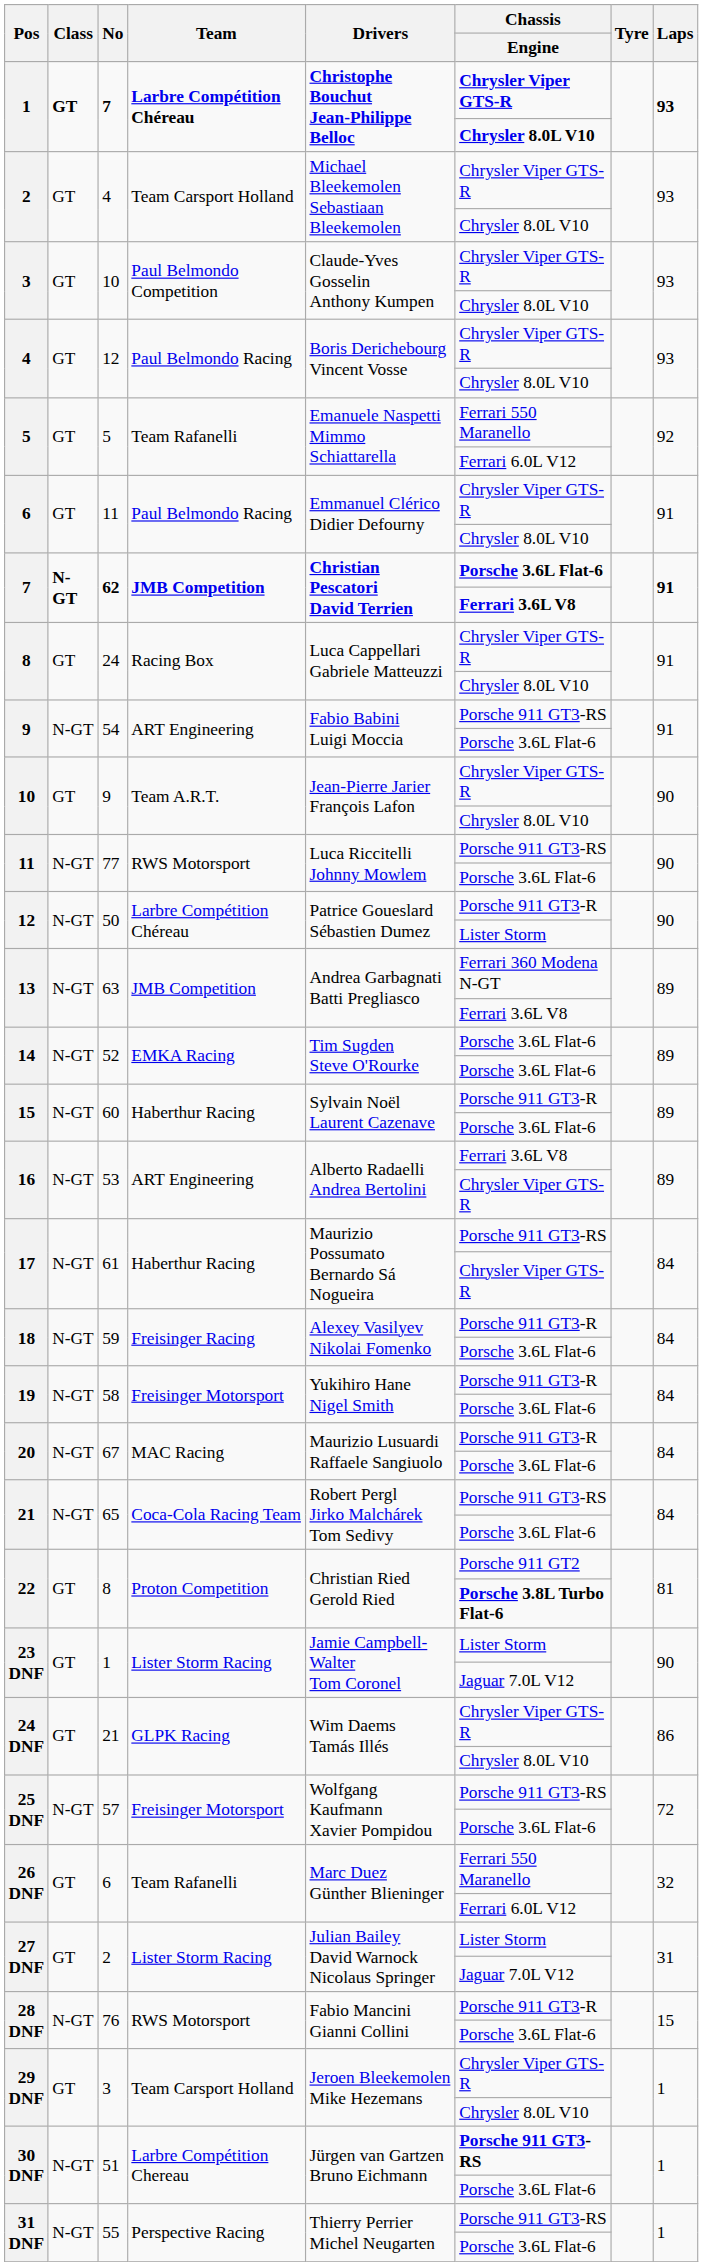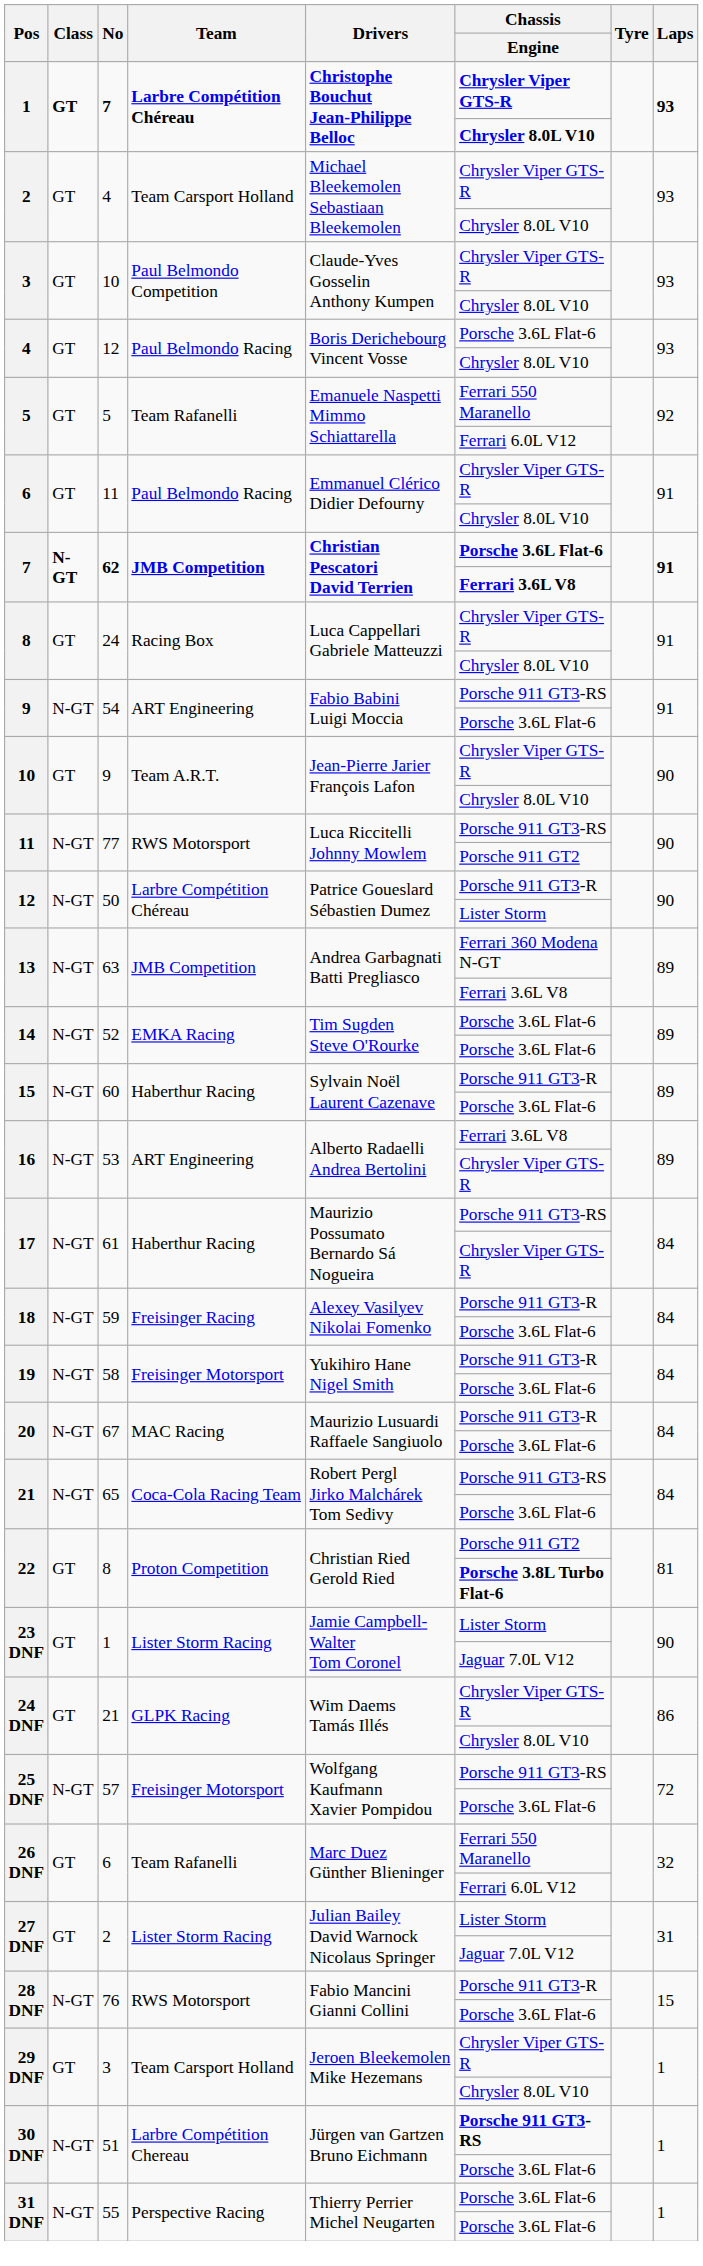 <table class="wikitable" style="font-size: 95%;">
 <tr>
 <th rowspan=2>Pos</th>
 <th rowspan=2>Class</th>
 <th rowspan=2>No</th>
 <th rowspan=2>Team</th>
 <th rowspan=2>Drivers</th>
 <th>Chassis</th>
 <th rowspan=2>Tyre</th>
 <th rowspan=2>Laps</th>
 </tr>
 <tr>
 <th>Engine</th>
 </tr>
 <tr style="font-weight:bold">
 <th rowspan=2>1</th>
 <td rowspan=2>GT</td>
 <td rowspan=2>7</td>
 <td rowspan=2> <a href='#'>Larbre Compétition</a> Chéreau</td>
 <td rowspan=2> <a href='#'>Christophe Bouchut</a><br> <a href='#'>Jean-Philippe Belloc</a></td>
 <td><a href='#'>Chrysler Viper GTS-R</a></td>
 <td rowspan=2></td>
 <td rowspan=2>93</td>
 </tr>
 <tr style="font-weight:bold">
 <td><a href='#'>Chrysler</a> 8.0L V10</td>
 </tr>
 <tr>
 <th rowspan=2>2</th>
 <td rowspan=2>GT</td>
 <td rowspan=2>4</td>
 <td rowspan=2> Team Carsport Holland</td>
 <td rowspan=2> <a href='#'>Michael Bleekemolen</a><br> <a href='#'>Sebastiaan Bleekemolen</a></td>
 <td><a href='#'>Chrysler Viper GTS-R</a></td>
 <td rowspan=2></td>
 <td rowspan=2>93</td>
 </tr>
 <tr>
 <td><a href='#'>Chrysler</a> 8.0L V10</td>
 </tr>
 <tr>
 <th rowspan=2>3</th>
 <td rowspan=2>GT</td>
 <td rowspan=2>10</td>
 <td rowspan=2> <a href='#'>Paul Belmondo</a> Competition</td>
 <td rowspan=2> Claude-Yves Gosselin<br> Anthony Kumpen</td>
 <td><a href='#'>Chrysler Viper GTS-R</a></td>
 <td rowspan=2></td>
 <td rowspan=2>93</td>
 </tr>
 <tr>
 <td><a href='#'>Chrysler</a> 8.0L V10</td>
 </tr>
 <tr>
 <th rowspan=2>4</th>
 <td rowspan=2>GT</td>
 <td rowspan=2>12</td>
 <td rowspan=2> <a href='#'>Paul Belmondo</a> Racing</td>
 <td rowspan=2> <a href='#'>Boris Derichebourg</a><br> Vincent Vosse</td>
-<td><a href='#'>Chrysler Viper GTS-R</a></td>
+<td><a href='#'>Porsche</a> 3.6L Flat-6</td>
 <td rowspan=2></td>
 <td rowspan=2>93</td>
 </tr>
 <tr>
 <td><a href='#'>Chrysler</a> 8.0L V10</td>
 </tr>
 <tr>
 <th rowspan=2>5</th>
 <td rowspan=2>GT</td>
 <td rowspan=2>5</td>
 <td rowspan=2> Team Rafanelli</td>
 <td rowspan=2> <a href='#'>Emanuele Naspetti</a><br> <a href='#'>Mimmo Schiattarella</a></td>
 <td><a href='#'>Ferrari 550 Maranello</a></td>
 <td rowspan=2></td>
 <td rowspan=2>92</td>
 </tr>
 <tr>
 <td><a href='#'>Ferrari</a> 6.0L V12</td>
 </tr>
 <tr>
 <th rowspan=2>6</th>
 <td rowspan=2>GT</td>
 <td rowspan=2>11</td>
 <td rowspan=2> <a href='#'>Paul Belmondo</a> Racing</td>
 <td rowspan=2> <a href='#'>Emmanuel Clérico</a><br> Didier Defourny</td>
 <td><a href='#'>Chrysler Viper GTS-R</a></td>
 <td rowspan=2></td>
 <td rowspan=2>91</td>
 </tr>
 <tr>
 <td><a href='#'>Chrysler</a> 8.0L V10</td>
 </tr>
 <tr style="font-weight:bold">
 <th rowspan=2>7</th>
 <td rowspan=2>N-GT</td>
 <td rowspan=2>62</td>
 <td rowspan=2> <a href='#'>JMB Competition</a></td>
 <td rowspan=2> <a href='#'>Christian Pescatori</a><br> <a href='#'>David Terrien</a></td>
 <td><a href='#'>Porsche</a> 3.6L Flat-6</td>
 <td rowspan=2></td>
 <td rowspan=2>91</td>
 </tr>
 <tr style="font-weight:bold">
 <td><a href='#'>Ferrari</a> 3.6L V8</td>
 </tr>
 <tr>
 <th rowspan=2>8</th>
 <td rowspan=2>GT</td>
 <td rowspan=2>24</td>
 <td rowspan=2> Racing Box</td>
 <td rowspan=2> Luca Cappellari<br> Gabriele Matteuzzi</td>
 <td><a href='#'>Chrysler Viper GTS-R</a></td>
 <td rowspan=2></td>
 <td rowspan=2>91</td>
 </tr>
 <tr>
 <td><a href='#'>Chrysler</a> 8.0L V10</td>
 </tr>
 <tr>
 <th rowspan=2>9</th>
 <td rowspan=2>N-GT</td>
 <td rowspan=2>54</td>
 <td rowspan=2> ART Engineering</td>
 <td rowspan=2> <a href='#'>Fabio Babini</a><br> Luigi Moccia</td>
 <td><a href='#'>Porsche 911 GT3</a>-RS</td>
 <td rowspan=2></td>
 <td rowspan=2>91</td>
 </tr>
 <tr>
 <td><a href='#'>Porsche</a> 3.6L Flat-6</td>
 </tr>
 <tr>
 <th rowspan=2>10</th>
 <td rowspan=2>GT</td>
 <td rowspan=2>9</td>
 <td rowspan=2> Team A.R.T.</td>
 <td rowspan=2> <a href='#'>Jean-Pierre Jarier</a><br> François Lafon</td>
 <td><a href='#'>Chrysler Viper GTS-R</a></td>
 <td rowspan=2></td>
 <td rowspan=2>90</td>
 </tr>
 <tr>
 <td><a href='#'>Chrysler</a> 8.0L V10</td>
 </tr>
 <tr>
 <th rowspan=2>11</th>
 <td rowspan=2>N-GT</td>
 <td rowspan=2>77</td>
 <td rowspan=2> RWS Motorsport</td>
 <td rowspan=2> Luca Riccitelli<br> <a href='#'>Johnny Mowlem</a></td>
 <td><a href='#'>Porsche 911 GT3</a>-RS</td>
 <td rowspan=2></td>
 <td rowspan=2>90</td>
 </tr>
 <tr>
-<td><a href='#'>Porsche</a> 3.6L Flat-6</td>
+<td><a href='#'>Porsche 911 GT2</a></td>
 </tr>
 <tr>
 <th rowspan=2>12</th>
 <td rowspan=2>N-GT</td>
 <td rowspan=2>50</td>
 <td rowspan=2> <a href='#'>Larbre Compétition</a> Chéreau</td>
 <td rowspan=2> Patrice Goueslard<br> Sébastien Dumez</td>
 <td><a href='#'>Porsche 911 GT3</a>-R</td>
 <td rowspan=2></td>
 <td rowspan=2>90</td>
 </tr>
 <tr>
 <td><a href='#'>Lister Storm</a></td>
 </tr>
 <tr>
 <th rowspan=2>13</th>
 <td rowspan=2>N-GT</td>
 <td rowspan=2>63</td>
 <td rowspan=2> <a href='#'>JMB Competition</a></td>
 <td rowspan=2> Andrea Garbagnati<br> Batti Pregliasco</td>
 <td><a href='#'>Ferrari 360 Modena</a> N-GT</td>
 <td rowspan=2></td>
 <td rowspan=2>89</td>
 </tr>
 <tr>
 <td><a href='#'>Ferrari</a> 3.6L V8</td>
 </tr>
 <tr>
 <th rowspan=2>14</th>
 <td rowspan=2>N-GT</td>
 <td rowspan=2>52</td>
 <td rowspan=2> <a href='#'>EMKA Racing</a></td>
 <td rowspan=2> <a href='#'>Tim Sugden</a><br> <a href='#'>Steve O'Rourke</a></td>
 <td><a href='#'>Porsche</a> 3.6L Flat-6</td>
 <td rowspan=2></td>
 <td rowspan=2>89</td>
 </tr>
 <tr>
 <td><a href='#'>Porsche</a> 3.6L Flat-6</td>
 </tr>
 <tr>
 <th rowspan=2>15</th>
 <td rowspan=2>N-GT</td>
 <td rowspan=2>60</td>
 <td rowspan=2> Haberthur Racing</td>
 <td rowspan=2> Sylvain Noël<br> <a href='#'>Laurent Cazenave</a></td>
 <td><a href='#'>Porsche 911 GT3</a>-R</td>
 <td rowspan=2></td>
 <td rowspan=2>89</td>
 </tr>
 <tr>
 <td><a href='#'>Porsche</a> 3.6L Flat-6</td>
 </tr>
 <tr>
 <th rowspan=2>16</th>
 <td rowspan=2>N-GT</td>
 <td rowspan=2>53</td>
 <td rowspan=2> ART Engineering</td>
 <td rowspan=2> Alberto Radaelli<br> <a href='#'>Andrea Bertolini</a></td>
 <td><a href='#'>Ferrari</a> 3.6L V8</td>
 <td rowspan=2></td>
 <td rowspan=2>89</td>
 </tr>
 <tr>
 <td><a href='#'>Chrysler Viper GTS-R</a></td>
 </tr>
 <tr>
 <th rowspan=2>17</th>
 <td rowspan=2>N-GT</td>
 <td rowspan=2>61</td>
 <td rowspan=2> Haberthur Racing</td>
 <td rowspan=2> Maurizio Possumato<br> Bernardo Sá Nogueira</td>
 <td><a href='#'>Porsche 911 GT3</a>-RS</td>
 <td rowspan=2></td>
 <td rowspan=2>84</td>
 </tr>
 <tr>
 <td><a href='#'>Chrysler Viper GTS-R</a></td>
 </tr>
 <tr>
 <th rowspan=2>18</th>
 <td rowspan=2>N-GT</td>
 <td rowspan=2>59</td>
 <td rowspan=2> <a href='#'>Freisinger Racing</a></td>
 <td rowspan=2> <a href='#'>Alexey Vasilyev</a><br> <a href='#'>Nikolai Fomenko</a></td>
 <td><a href='#'>Porsche 911 GT3</a>-R</td>
 <td rowspan=2></td>
 <td rowspan=2>84</td>
 </tr>
 <tr>
 <td><a href='#'>Porsche</a> 3.6L Flat-6</td>
 </tr>
 <tr>
 <th rowspan=2>19</th>
 <td rowspan=2>N-GT</td>
 <td rowspan=2>58</td>
 <td rowspan=2> <a href='#'>Freisinger Motorsport</a></td>
 <td rowspan=2> Yukihiro Hane<br> <a href='#'>Nigel Smith</a></td>
 <td><a href='#'>Porsche 911 GT3</a>-R</td>
 <td rowspan=2></td>
 <td rowspan=2>84</td>
 </tr>
 <tr>
 <td><a href='#'>Porsche</a> 3.6L Flat-6</td>
 </tr>
 <tr>
 <th rowspan=2>20</th>
 <td rowspan=2>N-GT</td>
 <td rowspan=2>67</td>
 <td rowspan=2> MAC Racing</td>
 <td rowspan=2> Maurizio Lusuardi<br> Raffaele Sangiuolo</td>
 <td><a href='#'>Porsche 911 GT3</a>-R</td>
 <td rowspan=2></td>
 <td rowspan=2>84</td>
 </tr>
 <tr>
 <td><a href='#'>Porsche</a> 3.6L Flat-6</td>
 </tr>
 <tr>
 <th rowspan=2>21</th>
 <td rowspan=2>N-GT</td>
 <td rowspan=2>65</td>
 <td rowspan=2> <a href='#'>Coca-Cola Racing Team</a></td>
 <td rowspan=2> Robert Pergl<br> <a href='#'>Jirko Malchárek</a><br> Tom Sedivy</td>
 <td><a href='#'>Porsche 911 GT3</a>-RS</td>
 <td rowspan=2></td>
 <td rowspan=2>84</td>
 </tr>
 <tr>
 <td><a href='#'>Porsche</a> 3.6L Flat-6</td>
 </tr>
 <tr>
 <th rowspan=2>22</th>
 <td rowspan=2>GT</td>
 <td rowspan=2>8</td>
 <td rowspan=2> <a href='#'>Proton Competition</a></td>
 <td rowspan=2> Christian Ried<br> Gerold Ried</td>
 <td><a href='#'>Porsche 911 GT2</a></td>
 <td rowspan=2></td>
 <td rowspan=2>81</td>
 </tr>
 <tr>
 <td><strong><a href='#'>Porsche</a> 3.8L Turbo Flat-6</strong></td>
 </tr>
 <tr>
 <th rowspan=2>23<br>DNF</th>
 <td rowspan=2>GT</td>
 <td rowspan=2>1</td>
 <td rowspan=2> <a href='#'>Lister Storm Racing</a></td>
 <td rowspan=2> <a href='#'>Jamie Campbell-Walter</a><br> <a href='#'>Tom Coronel</a></td>
 <td><a href='#'>Lister Storm</a></td>
 <td rowspan=2></td>
 <td rowspan=2>90</td>
 </tr>
 <tr>
 <td><a href='#'>Jaguar</a> 7.0L V12</td>
 </tr>
 <tr>
 <th rowspan=2>24<br>DNF</th>
 <td rowspan=2>GT</td>
 <td rowspan=2>21</td>
 <td rowspan=2> <a href='#'>GLPK Racing</a></td>
 <td rowspan=2> Wim Daems<br> Tamás Illés</td>
 <td><a href='#'>Chrysler Viper GTS-R</a></td>
 <td rowspan=2></td>
 <td rowspan=2>86</td>
 </tr>
 <tr>
 <td><a href='#'>Chrysler</a> 8.0L V10</td>
 </tr>
 <tr>
 <th rowspan=2>25<br>DNF</th>
 <td rowspan=2>N-GT</td>
 <td rowspan=2>57</td>
 <td rowspan=2> <a href='#'>Freisinger Motorsport</a></td>
 <td rowspan=2> Wolfgang Kaufmann<br> Xavier Pompidou</td>
 <td><a href='#'>Porsche 911 GT3</a>-RS</td>
 <td rowspan=2></td>
 <td rowspan=2>72</td>
 </tr>
 <tr>
 <td><a href='#'>Porsche</a> 3.6L Flat-6</td>
 </tr>
 <tr>
 <th rowspan=2>26<br>DNF</th>
 <td rowspan=2>GT</td>
 <td rowspan=2>6</td>
 <td rowspan=2> Team Rafanelli</td>
 <td rowspan=2> <a href='#'>Marc Duez</a><br> Günther Blieninger</td>
 <td><a href='#'>Ferrari 550 Maranello</a></td>
 <td rowspan=2></td>
 <td rowspan=2>32</td>
 </tr>
 <tr>
 <td><a href='#'>Ferrari</a> 6.0L V12</td>
 </tr>
 <tr>
 <th rowspan=2>27<br>DNF</th>
 <td rowspan=2>GT</td>
 <td rowspan=2>2</td>
 <td rowspan=2> <a href='#'>Lister Storm Racing</a></td>
 <td rowspan=2> <a href='#'>Julian Bailey</a><br> David Warnock<br> Nicolaus Springer</td>
 <td><a href='#'>Lister Storm</a></td>
 <td rowspan=2></td>
 <td rowspan=2>31</td>
 </tr>
 <tr>
 <td><a href='#'>Jaguar</a> 7.0L V12</td>
 </tr>
 <tr>
 <th rowspan=2>28<br>DNF</th>
 <td rowspan=2>N-GT</td>
 <td rowspan=2>76</td>
 <td rowspan=2> RWS Motorsport</td>
 <td rowspan=2> Fabio Mancini<br> Gianni Collini</td>
 <td><a href='#'>Porsche 911 GT3</a>-R</td>
 <td rowspan=2></td>
 <td rowspan=2>15</td>
 </tr>
 <tr>
 <td><a href='#'>Porsche</a> 3.6L Flat-6</td>
 </tr>
 <tr>
 <th rowspan=2>29<br>DNF</th>
 <td rowspan=2>GT</td>
 <td rowspan=2>3</td>
 <td rowspan=2> Team Carsport Holland</td>
 <td rowspan=2> <a href='#'>Jeroen Bleekemolen</a><br> Mike Hezemans</td>
 <td><a href='#'>Chrysler Viper GTS-R</a></td>
 <td rowspan=2></td>
 <td rowspan=2>1</td>
 </tr>
 <tr>
 <td><a href='#'>Chrysler</a> 8.0L V10</td>
 </tr>
 <tr>
 <th rowspan=2>30<br>DNF</th>
 <td rowspan=2>N-GT</td>
 <td rowspan=2>51</td>
 <td rowspan=2> <a href='#'>Larbre Compétition</a> Chereau</td>
 <td rowspan=2> Jürgen van Gartzen<br> Bruno Eichmann</td>
 <td><strong><a href='#'>Porsche 911 GT3</a>-RS</strong></td>
 <td rowspan=2></td>
 <td rowspan=2>1</td>
 </tr>
 <tr>
 <td><a href='#'>Porsche</a> 3.6L Flat-6</td>
 </tr>
 <tr>
 <th rowspan=2>31<br>DNF</th>
 <td rowspan=2>N-GT</td>
 <td rowspan=2>55</td>
 <td rowspan=2> Perspective Racing</td>
 <td rowspan=2> Thierry Perrier<br> Michel Neugarten</td>
-<td><a href='#'>Porsche 911 GT3</a>-RS</td>
+<td><a href='#'>Porsche</a> 3.6L Flat-6</td>
 <td rowspan=2></td>
 <td rowspan=2>1</td>
 </tr>
 <tr>
 <td><a href='#'>Porsche</a> 3.6L Flat-6</td>
 </tr>
 </table>
